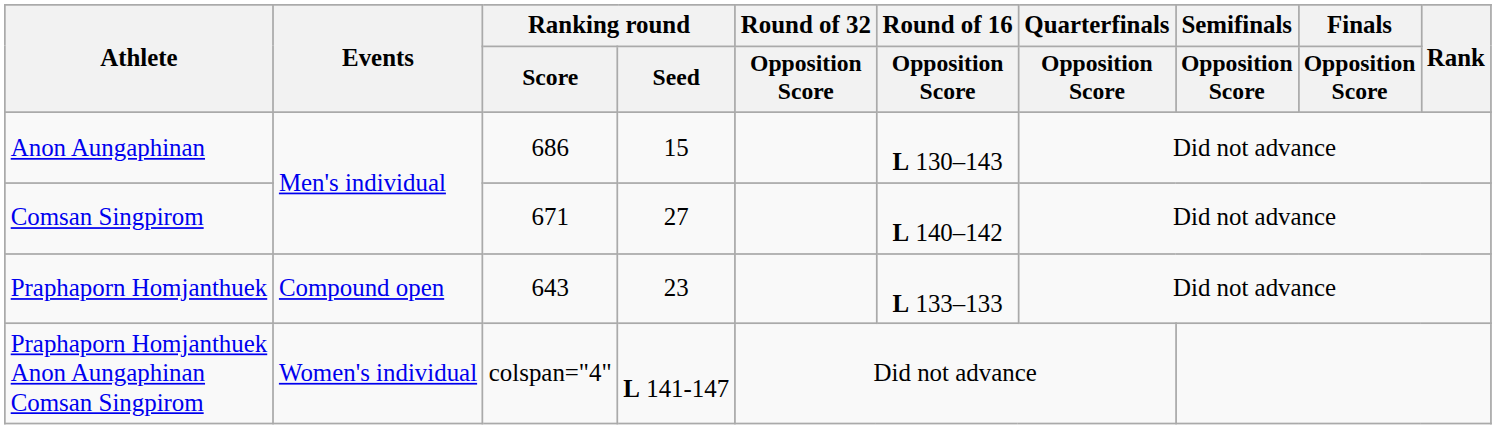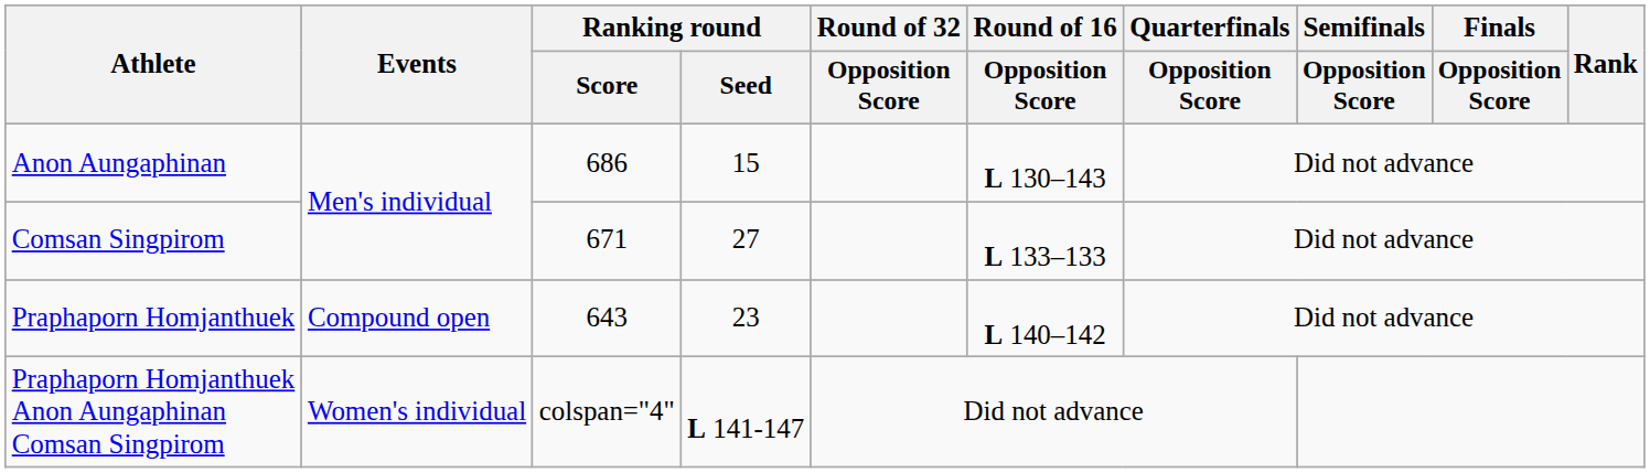 <table class=wikitable style=font-size:90%>
 <tr>
 <th rowspan="2">Athlete</th>
 <th rowspan="2">Events</th>
 <th colspan="2">Ranking round</th>
 <th>Round of 32</th>
 <th>Round of 16</th>
 <th>Quarterfinals</th>
 <th>Semifinals</th>
 <th>Finals</th>
 <th rowspan="2">Rank</th>
 </tr>
 <tr style=font-size:95%>
 <th>Score</th>
 <th>Seed</th>
 <th>Opposition<br>Score</th>
 <th>Opposition<br>Score</th>
 <th>Opposition<br>Score</th>
 <th>Opposition<br>Score</th>
 <th>Opposition<br>Score</th>
 </tr>
 <tr align=center>
 <td align=left><a href='#'>Anon Aungaphinan</a></td>
 <td rowspan="2" align=left><a href='#'>Men's individual</a></td>
 <td>686</td>
 <td>15</td>
 <td></td>
 <td><br><strong>L</strong> 130–143</td>
 <td colspan=4>Did not advance</td>
 </tr>
 <tr align=center>
 <td align=left><a href='#'>Comsan Singpirom</a></td>
 <td>671</td>
 <td>27</td>
 <td></td>
-<td><br><strong>L</strong> 140–142</td>
+<td><br><strong>L</strong> 133–133</td>
 <td colspan=4>Did not advance</td>
 </tr>
 <tr align=center>
 <td align=left><a href='#'>Praphaporn Homjanthuek</a></td>
 <td align=left><a href='#'>Compound open</a></td>
 <td>643</td>
 <td>23</td>
 <td></td>
-<td><br><strong>L</strong> 133–133</td>
+<td><br><strong>L</strong> 140–142</td>
 <td colspan=4>Did not advance</td>
 </tr>
 <tr align=center>
 <td align=left><a href='#'>Praphaporn Homjanthuek</a><br><a href='#'>Anon Aungaphinan</a><br><a href='#'>Comsan Singpirom</a></td>
 <td align=left><a href='#'>Women's individual</a></td>
 <td>colspan="4" </td>
 <td><br><strong>L</strong> 141-147</td>
 <td colspan="3">Did not advance</td>
 </tr>
 </table>
